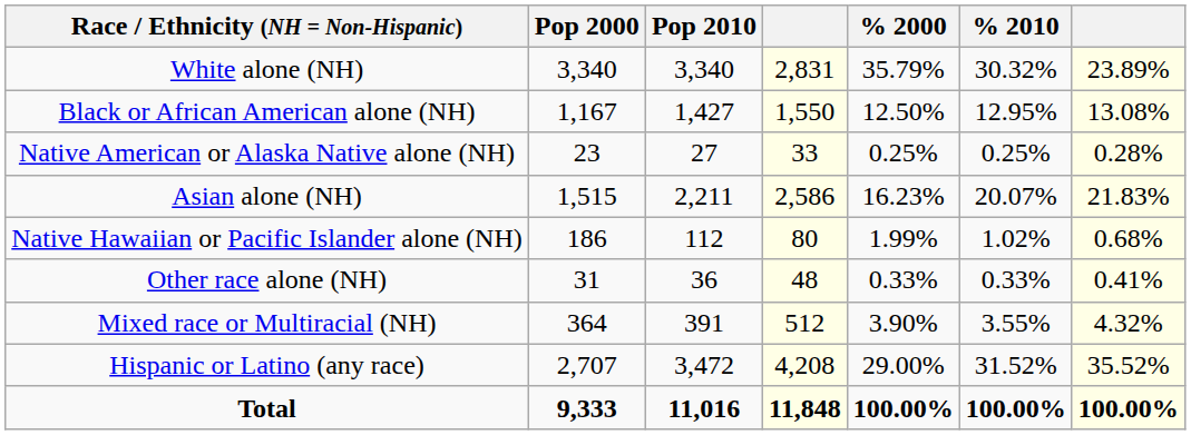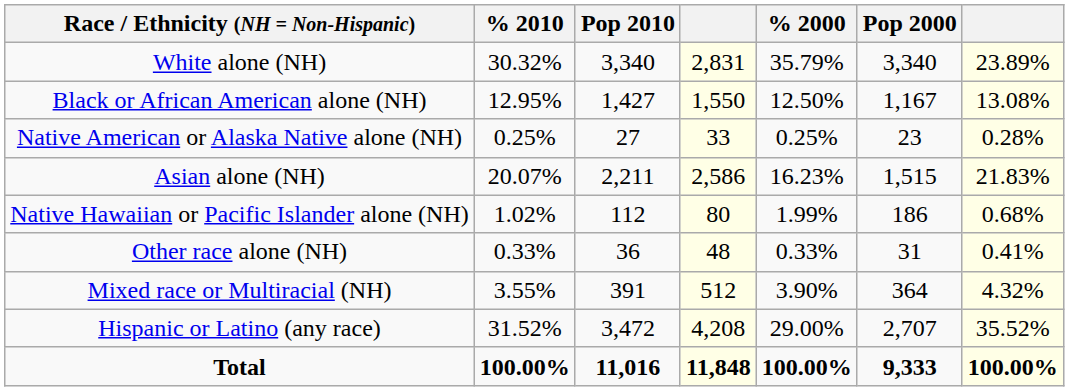 <table class="wikitable" style="text-align:center;">
 <tr>
 <th>Race / Ethnicity <small>(<em>NH = Non-Hispanic</em>)</small></th>
-<th>Pop 2000</th>
+<th>% 2010</th>
 <th>Pop 2010</th>
 <th></th>
 <th>% 2000</th>
-<th>% 2010</th>
+<th>Pop 2000</th>
 <th></th>
 </tr>
 <tr>
 <td><a href='#'>White</a> alone (NH)</td>
-<td>3,340</td>
+<td>30.32%</td>
 <td>3,340</td>
 <td style='background: #ffffe6;'>2,831</td>
 <td>35.79%</td>
-<td>30.32%</td>
+<td>3,340</td>
 <td style='background: #ffffe6;'>23.89%</td>
 </tr>
 <tr>
 <td><a href='#'>Black or African American</a> alone (NH)</td>
-<td>1,167</td>
+<td>12.95%</td>
 <td>1,427</td>
 <td style='background: #ffffe6;'>1,550</td>
 <td>12.50%</td>
-<td>12.95%</td>
+<td>1,167</td>
 <td style='background: #ffffe6;'>13.08%</td>
 </tr>
 <tr>
 <td><a href='#'>Native American</a> or <a href='#'>Alaska Native</a> alone (NH)</td>
-<td>23</td>
+<td>0.25%</td>
 <td>27</td>
 <td style='background: #ffffe6;'>33</td>
 <td>0.25%</td>
-<td>0.25%</td>
+<td>23</td>
 <td style='background: #ffffe6;'>0.28%</td>
 </tr>
 <tr>
 <td><a href='#'>Asian</a> alone (NH)</td>
-<td>1,515</td>
+<td>20.07%</td>
 <td>2,211</td>
 <td style='background: #ffffe6;'>2,586</td>
 <td>16.23%</td>
-<td>20.07%</td>
+<td>1,515</td>
 <td style='background: #ffffe6;'>21.83%</td>
 </tr>
 <tr>
 <td><a href='#'>Native Hawaiian</a> or <a href='#'>Pacific Islander</a> alone (NH)</td>
-<td>186</td>
+<td>1.02%</td>
 <td>112</td>
 <td style='background: #ffffe6;'>80</td>
 <td>1.99%</td>
-<td>1.02%</td>
+<td>186</td>
 <td style='background: #ffffe6;'>0.68%</td>
 </tr>
 <tr>
 <td><a href='#'>Other race</a> alone (NH)</td>
-<td>31</td>
+<td>0.33%</td>
 <td>36</td>
 <td style='background: #ffffe6;'>48</td>
 <td>0.33%</td>
-<td>0.33%</td>
+<td>31</td>
 <td style='background: #ffffe6;'>0.41%</td>
 </tr>
 <tr>
 <td><a href='#'>Mixed race or Multiracial</a> (NH)</td>
-<td>364</td>
+<td>3.55%</td>
 <td>391</td>
 <td style='background: #ffffe6;'>512</td>
 <td>3.90%</td>
-<td>3.55%</td>
+<td>364</td>
 <td style='background: #ffffe6;'>4.32%</td>
 </tr>
 <tr>
 <td><a href='#'>Hispanic or Latino</a> (any race)</td>
-<td>2,707</td>
+<td>31.52%</td>
 <td>3,472</td>
 <td style='background: #ffffe6;'>4,208</td>
 <td>29.00%</td>
-<td>31.52%</td>
+<td>2,707</td>
 <td style='background: #ffffe6;'>35.52%</td>
 </tr>
 <tr>
 <td><strong>Total</strong></td>
-<td><strong>9,333</strong></td>
+<td><strong>100.00%</strong></td>
 <td><strong>11,016</strong></td>
 <td style='background: #ffffe6;'><strong>11,848</strong></td>
 <td><strong>100.00%</strong></td>
-<td><strong>100.00%</strong></td>
+<td><strong>9,333</strong></td>
 <td style='background: #ffffe6;'><strong>100.00%</strong></td>
 </tr>
 </table>
